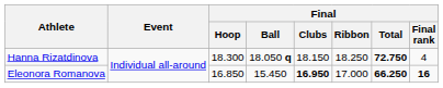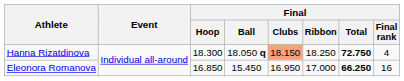 <table class=wikitable style="font-size:90%">
 <tr>
 <th rowspan=2>Athlete</th>
 <th rowspan=2>Event</th>
 <th colspan=6>Final</th>
 </tr>
 <tr style="font-size:95%">
 <th>Hoop</th>
 <th>Ball</th>
 <th>Clubs</th>
 <th>Ribbon</th>
 <th>Total</th>
 <th>Final<br>rank</th>
 </tr>
 <tr align=center>
 <td align=left><a href='#'>Hanna Rizatdinova</a></td>
 <td align=left rowspan=2><a href='#'>Individual all-around</a></td>
 <td>18.300</td>
 <td>18.050 <strong>q</strong></td>
-<td>18.150</td>
+<td style="background: lightsalmon;">18.150</td>
 <td>18.250</td>
 <td><strong>72.750</strong></td>
 <td>4</td>
 </tr>
 <tr align=center>
 <td align=left><a href='#'>Eleonora Romanova</a></td>
 <td>16.850</td>
 <td>15.450</td>
-<td><strong>16.950</strong></td>
+<td>16.950</td>
 <td>17.000</td>
 <td><strong>66.250</strong></td>
-<td><strong>16</strong></td>
+<td>16</td>
 </tr>
 </table>
